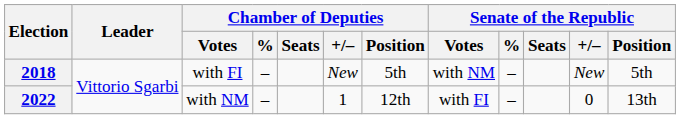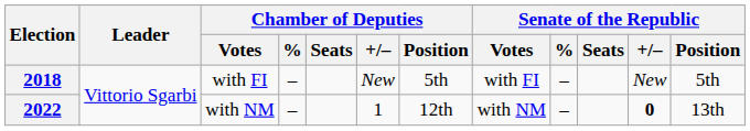 <table class="wikitable" style="text-align:center">
 <tr>
 <th rowspan="2">Election</th>
 <th rowspan="2">Leader</th>
 <th colspan="5"><a href='#'>Chamber of Deputies</a></th>
 <th colspan="5"><a href='#'>Senate of the Republic</a></th>
 </tr>
 <tr>
 <th>Votes</th>
 <th>%</th>
 <th>Seats</th>
 <th>+/–</th>
 <th>Position</th>
 <th>Votes</th>
 <th>%</th>
 <th>Seats</th>
 <th>+/–</th>
 <th>Position</th>
 </tr>
 <tr>
 <th><a href='#'>2018</a></th>
 <td rowspan=2><a href='#'>Vittorio Sgarbi</a></td>
 <td>with <a href='#'>FI</a></td>
 <td>–</td>
 <td></td>
 <td><em>New</em></td>
 <td>5th</td>
-<td>with <a href='#'>NM</a></td>
+<td>with <a href='#'>FI</a></td>
 <td>–</td>
 <td></td>
 <td><em>New</em></td>
 <td>5th</td>
 </tr>
 <tr>
 <th><a href='#'>2022</a></th>
 <td>with <a href='#'>NM</a></td>
 <td>–</td>
 <td></td>
 <td> 1</td>
 <td>12th</td>
-<td>with <a href='#'>FI</a></td>
+<td>with <a href='#'>NM</a></td>
 <td>–</td>
 <td></td>
-<td> 0</td>
+<td><strong> 0</strong></td>
 <td>13th</td>
 </tr>
 </table>
